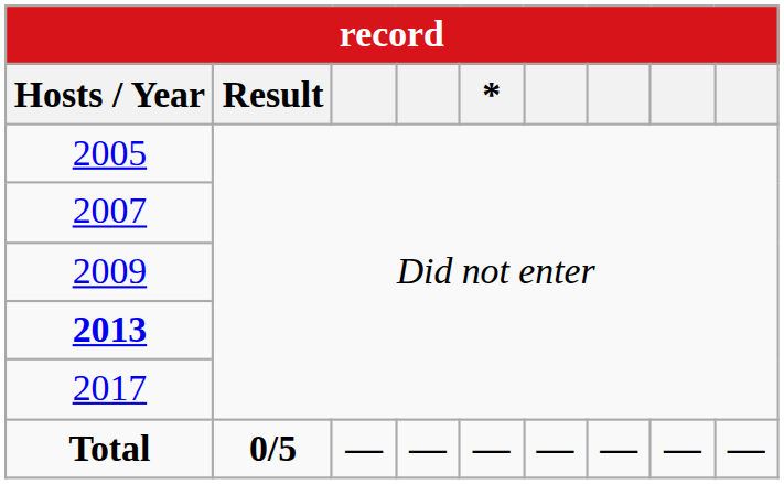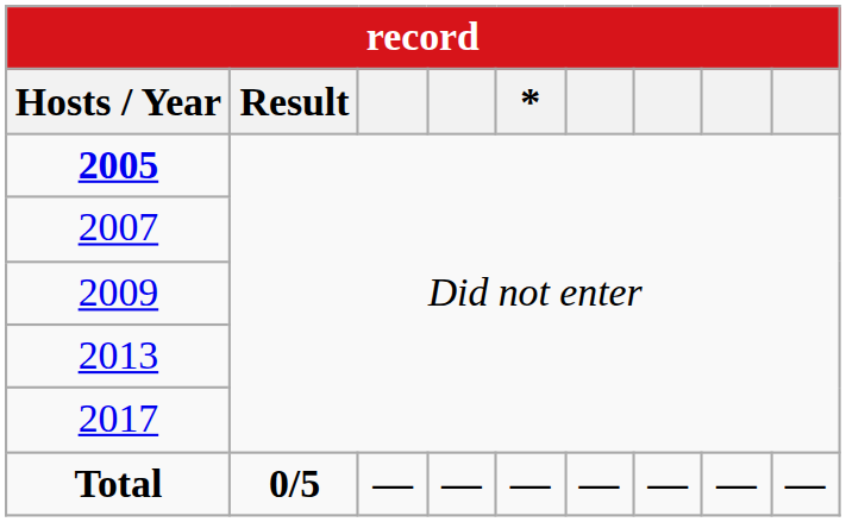 <table class="wikitable mw-collapsible" style="text-align: center;font-size:100%;">
 <tr>
 <th colspan="9" style="background: #D7141A; color: white;"><a href='#'></a> record</th>
 </tr>
 <tr>
 <th>Hosts / Year</th>
 <th>Result</th>
 <th width=20></th>
 <th width=20></th>
 <th width=20>*</th>
 <th width=20></th>
 <th width=20></th>
 <th width=20></th>
 <th width=20></th>
 </tr>
 <tr>
-<td> <a href='#'>2005</a></td>
+<td><strong> <a href='#'>2005</a></strong></td>
 <td colspan=8 rowspan=5><em>Did not enter</em></td>
 </tr>
 <tr>
 <td> <a href='#'>2007</a></td>
 </tr>
 <tr>
 <td> <a href='#'>2009</a></td>
 </tr>
 <tr>
-<td><strong> <a href='#'>2013</a></strong></td>
+<td> <a href='#'>2013</a></td>
 </tr>
 <tr>
 <td> <a href='#'>2017</a></td>
 </tr>
 <tr>
 <td><strong>Total</strong></td>
 <td><strong>0/5</strong></td>
 <td><strong>—</strong></td>
 <td><strong>—</strong></td>
 <td><strong>—</strong></td>
 <td><strong>—</strong></td>
 <td><strong>—</strong></td>
 <td><strong>—</strong></td>
 <td><strong>—</strong></td>
 </tr>
 </table>
